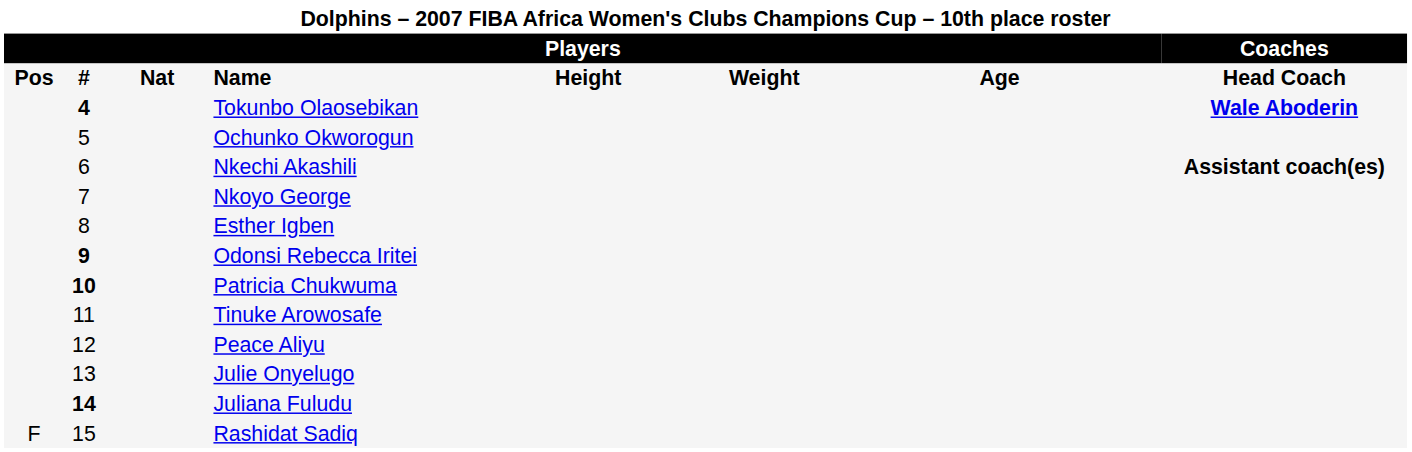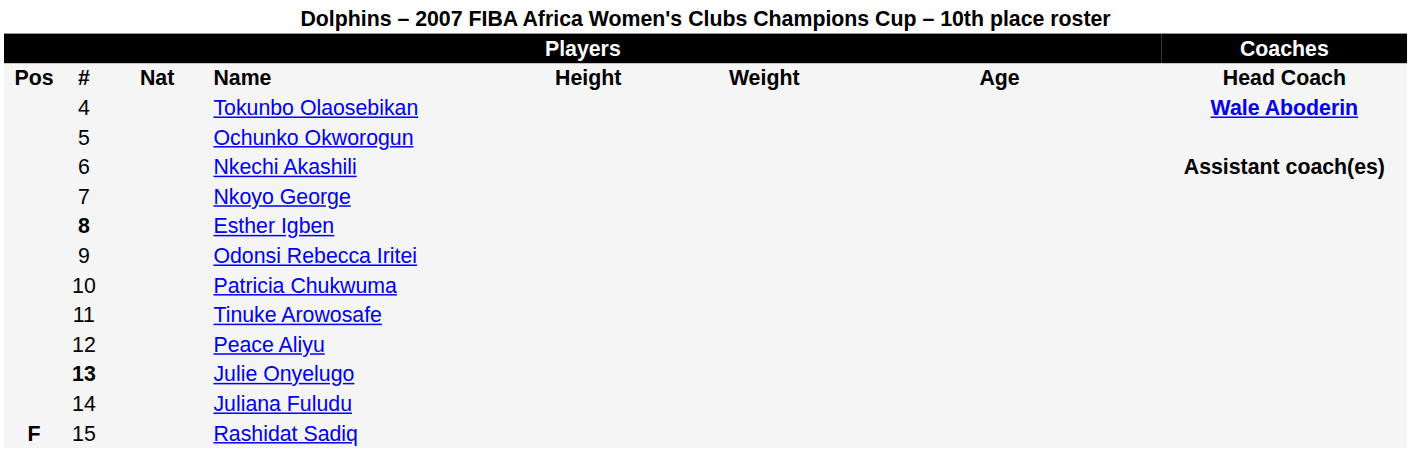 <table border=0 cellpadding=2 cellspacing=0  |- bgcolor=#f5f5f5 style="text-align:center; font-size:90%;" width=75%>
 <tr>
 <td colspan="8" style="background: white; color: black"><strong>Dolphins – 2007 FIBA Africa Women's Clubs Champions Cup – 10th place roster</strong></td>
 </tr>
 <tr>
 <td colspan="7" style="background: black; color: white"><strong>Players</strong></td>
 <td style="background: black; color: white"><strong>Coaches</strong></td>
 </tr>
 <tr style="background=#f5f5f5; color: black">
 <th width=5px>Pos</th>
 <th width=5px>#</th>
 <th width=50px>Nat</th>
 <th width=135px align=left>Name</th>
 <th width=100px>Height</th>
 <th width=70px>Weight</th>
 <th width=160px>Age</th>
 <th width=120px>Head Coach</th>
 </tr>
 <tr>
 <td></td>
-<td><strong>4</strong></td>
+<td>4</td>
 <td></td>
 <td align=left><a href='#'>Tokunbo Olaosebikan</a></td>
 <td></td>
 <td></td>
 <td><span></span></td>
 <td><strong> <a href='#'>Wale Aboderin</a></strong></td>
 </tr>
 <tr>
 <td></td>
 <td>5</td>
 <td></td>
 <td align=left><a href='#'>Ochunko Okworogun</a></td>
 <td></td>
 <td></td>
 <td><span></span></td>
 </tr>
 <tr>
 <td></td>
 <td>6</td>
 <td></td>
 <td align=left><a href='#'>Nkechi Akashili</a></td>
 <td></td>
 <td></td>
 <td><span></span></td>
 <td><strong>Assistant coach(es)</strong></td>
 </tr>
 <tr>
 <td></td>
 <td>7</td>
 <td></td>
 <td align=left><a href='#'>Nkoyo George</a></td>
 <td></td>
 <td></td>
 <td><span></span></td>
 <td></td>
 </tr>
 <tr>
 <td></td>
-<td>8</td>
+<td><strong>8</strong></td>
 <td></td>
 <td align=left><a href='#'>Esther Igben</a></td>
 <td></td>
 <td></td>
 <td><span></span></td>
 <td></td>
 </tr>
 <tr>
 <td></td>
-<td><strong>9</strong></td>
+<td>9</td>
 <td></td>
 <td align=left><a href='#'>Odonsi Rebecca Iritei</a></td>
 <td></td>
 <td></td>
 <td><span></span></td>
 </tr>
 <tr>
 <td></td>
-<td><strong>10</strong></td>
+<td>10</td>
 <td></td>
 <td align=left><a href='#'>Patricia Chukwuma</a></td>
 <td></td>
 <td></td>
 <td><span></span></td>
 </tr>
 <tr>
 <td></td>
 <td>11</td>
 <td></td>
 <td align=left><a href='#'>Tinuke Arowosafe</a></td>
 <td></td>
 <td></td>
 <td><span></span></td>
 </tr>
 <tr>
 <td></td>
 <td>12</td>
 <td></td>
 <td align=left><a href='#'>Peace Aliyu</a></td>
 <td></td>
 <td></td>
 <td><span></span></td>
 </tr>
 <tr>
 <td></td>
-<td>13</td>
+<td><strong>13</strong></td>
 <td></td>
 <td align=left><a href='#'>Julie Onyelugo</a></td>
 <td></td>
 <td></td>
 <td><span></span></td>
 </tr>
 <tr>
 <td></td>
-<td><strong>14</strong></td>
+<td>14</td>
 <td></td>
 <td align=left><a href='#'>Juliana Fuludu</a></td>
 <td></td>
 <td></td>
 <td><span></span></td>
 </tr>
 <tr>
-<td>F</td>
+<td><strong>F</strong></td>
 <td>15</td>
 <td></td>
 <td align=left><a href='#'>Rashidat Sadiq</a></td>
 <td><span></span></td>
 <td></td>
 <td><span></span></td>
 </tr>
 </table>
